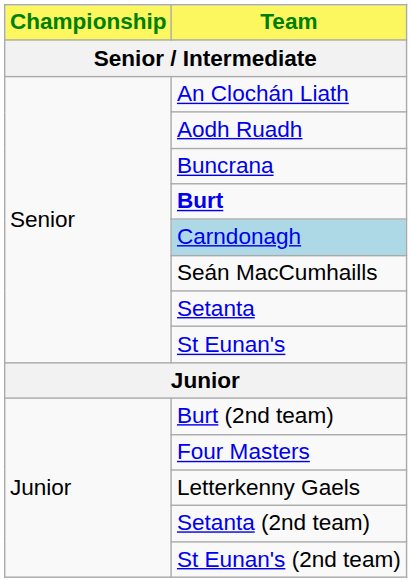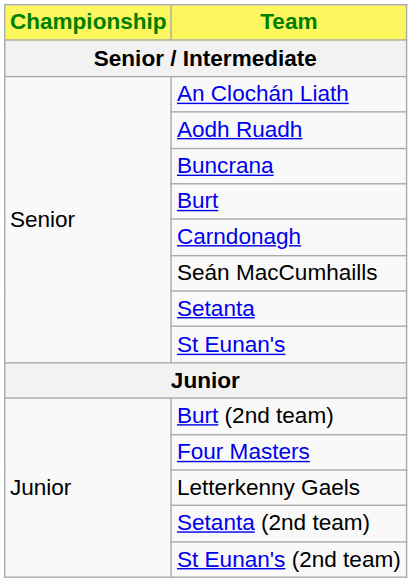 <table class="wikitable sortable" style="text-align:left;">
 <tr>
 <th style="background:#FCF75E;color:green;">Championship</th>
 <th style="background:#FCF75E;color:green;">Team</th>
 </tr>
 <tr>
 <th colspan="2">Senior / Intermediate</th>
 </tr>
 <tr>
 <td rowspan="8">Senior</td>
 <td> <a href='#'>An Clochán Liath</a></td>
 </tr>
 <tr>
 <td> <a href='#'>Aodh Ruadh</a></td>
 </tr>
 <tr>
 <td> <a href='#'>Buncrana</a></td>
 </tr>
 <tr>
-<td><strong> <a href='#'>Burt</a></strong></td>
+<td> <a href='#'>Burt</a></td>
 </tr>
 <tr>
-<td style="background: lightblue;"> <a href='#'>Carndonagh</a></td>
+<td> <a href='#'>Carndonagh</a></td>
 </tr>
 <tr>
 <td> Seán MacCumhaills</td>
 </tr>
 <tr>
 <td> <a href='#'>Setanta</a></td>
 </tr>
 <tr>
 <td> <a href='#'>St Eunan's</a></td>
 </tr>
 <tr>
 <th colspan="2">Junior</th>
 </tr>
 <tr>
 <td rowspan="5">Junior</td>
 <td> <a href='#'>Burt</a> (2nd team)</td>
 </tr>
 <tr>
 <td> <a href='#'>Four Masters</a></td>
 </tr>
 <tr>
 <td> Letterkenny Gaels</td>
 </tr>
 <tr>
 <td> <a href='#'>Setanta</a> (2nd team)</td>
 </tr>
 <tr>
 <td> <a href='#'>St Eunan's</a> (2nd team)</td>
 </tr>
 </table>
